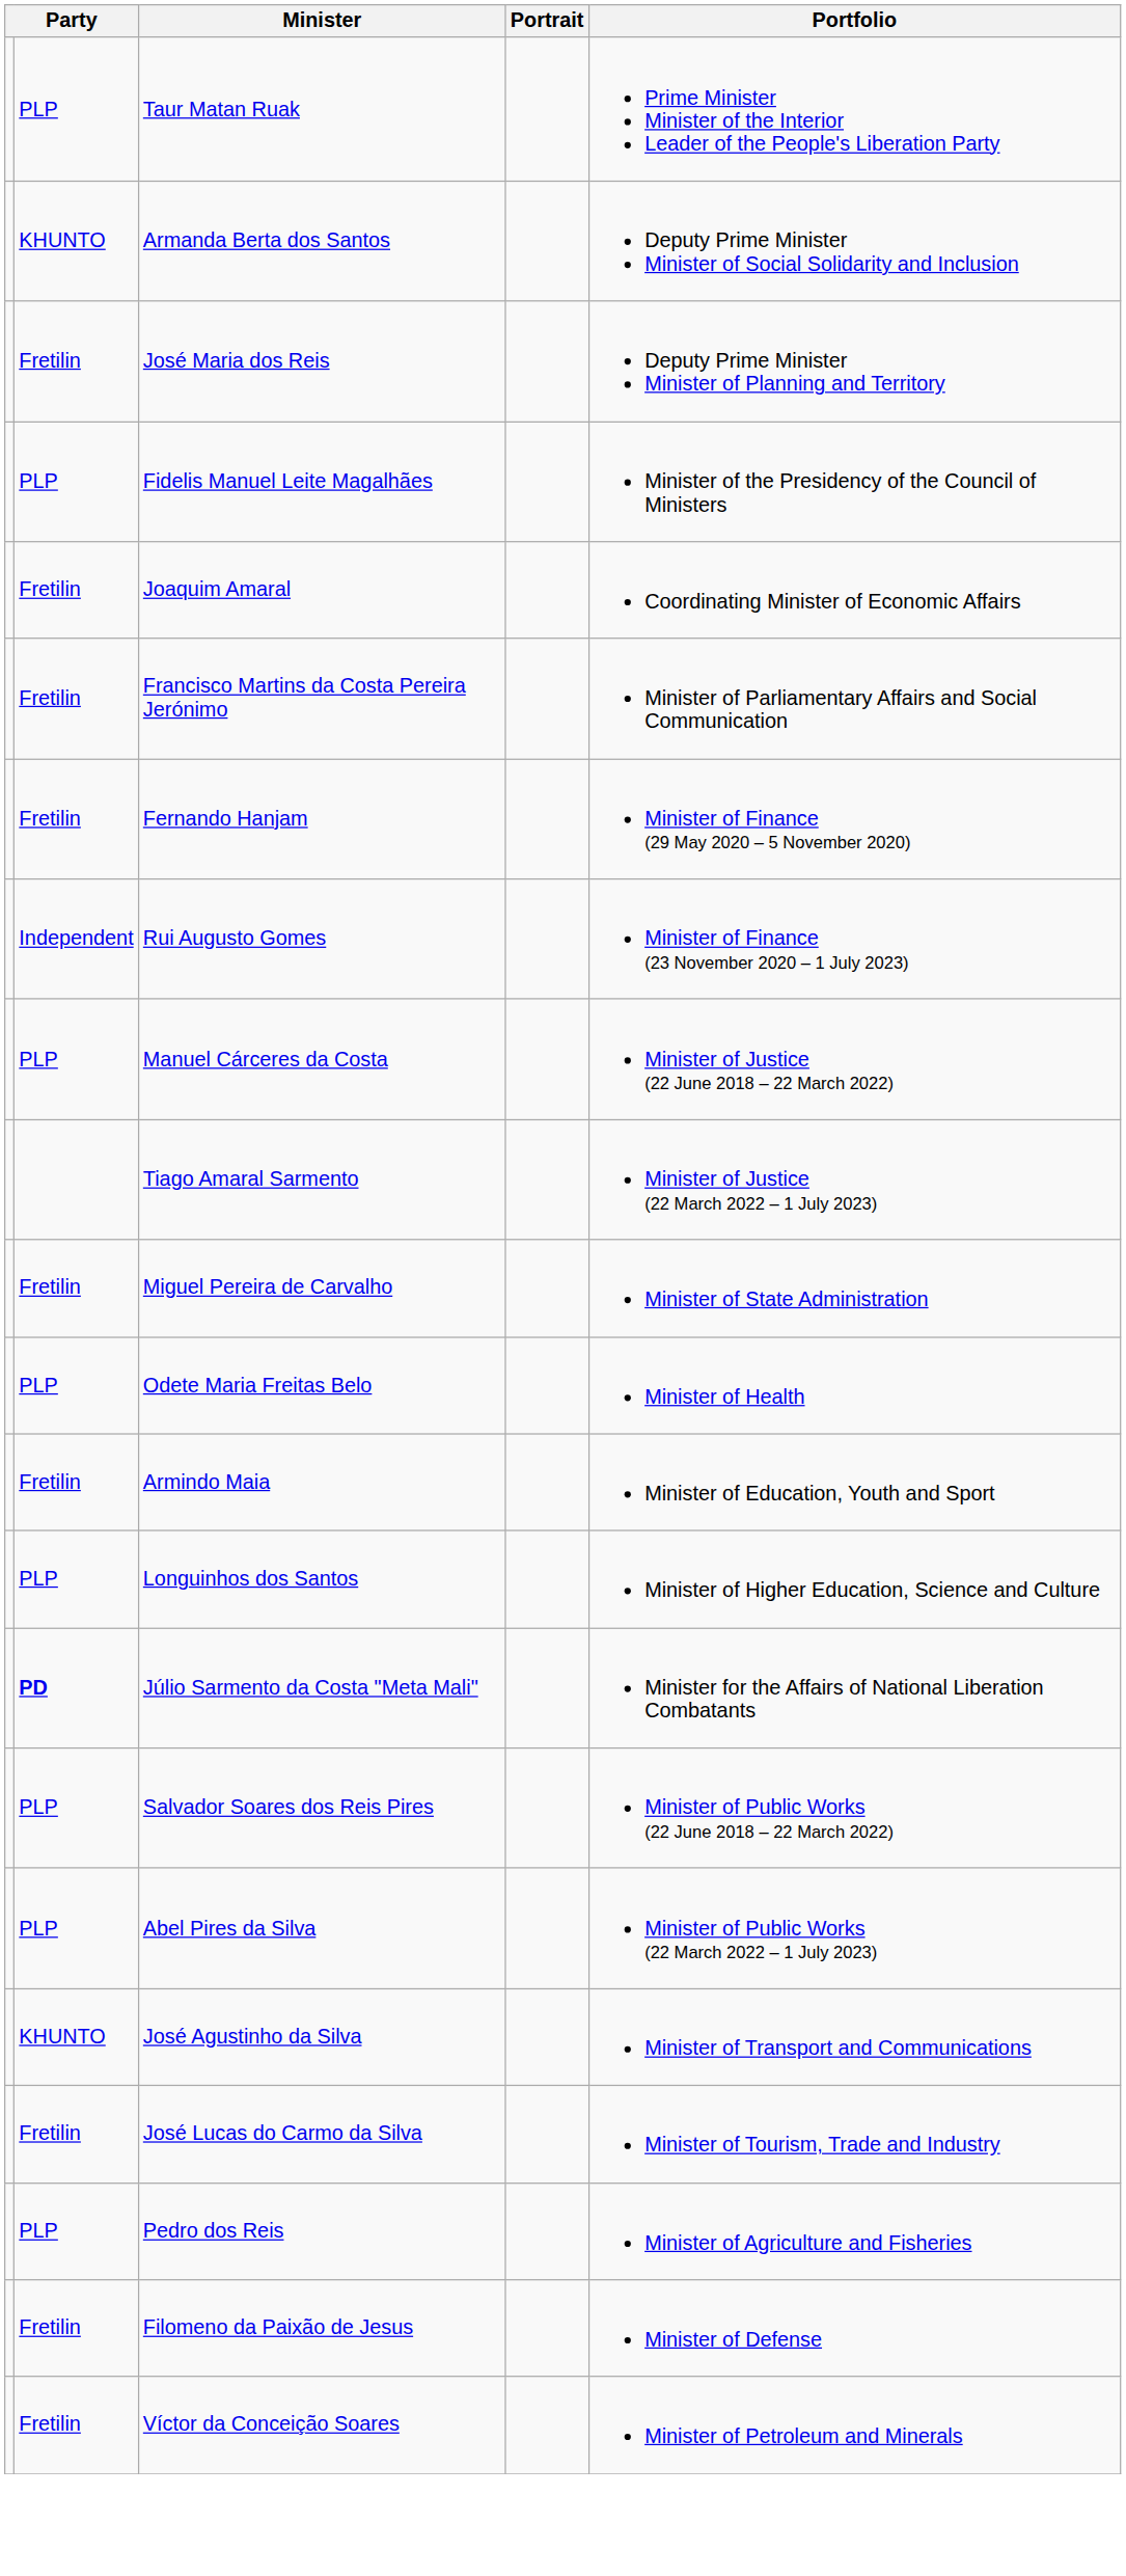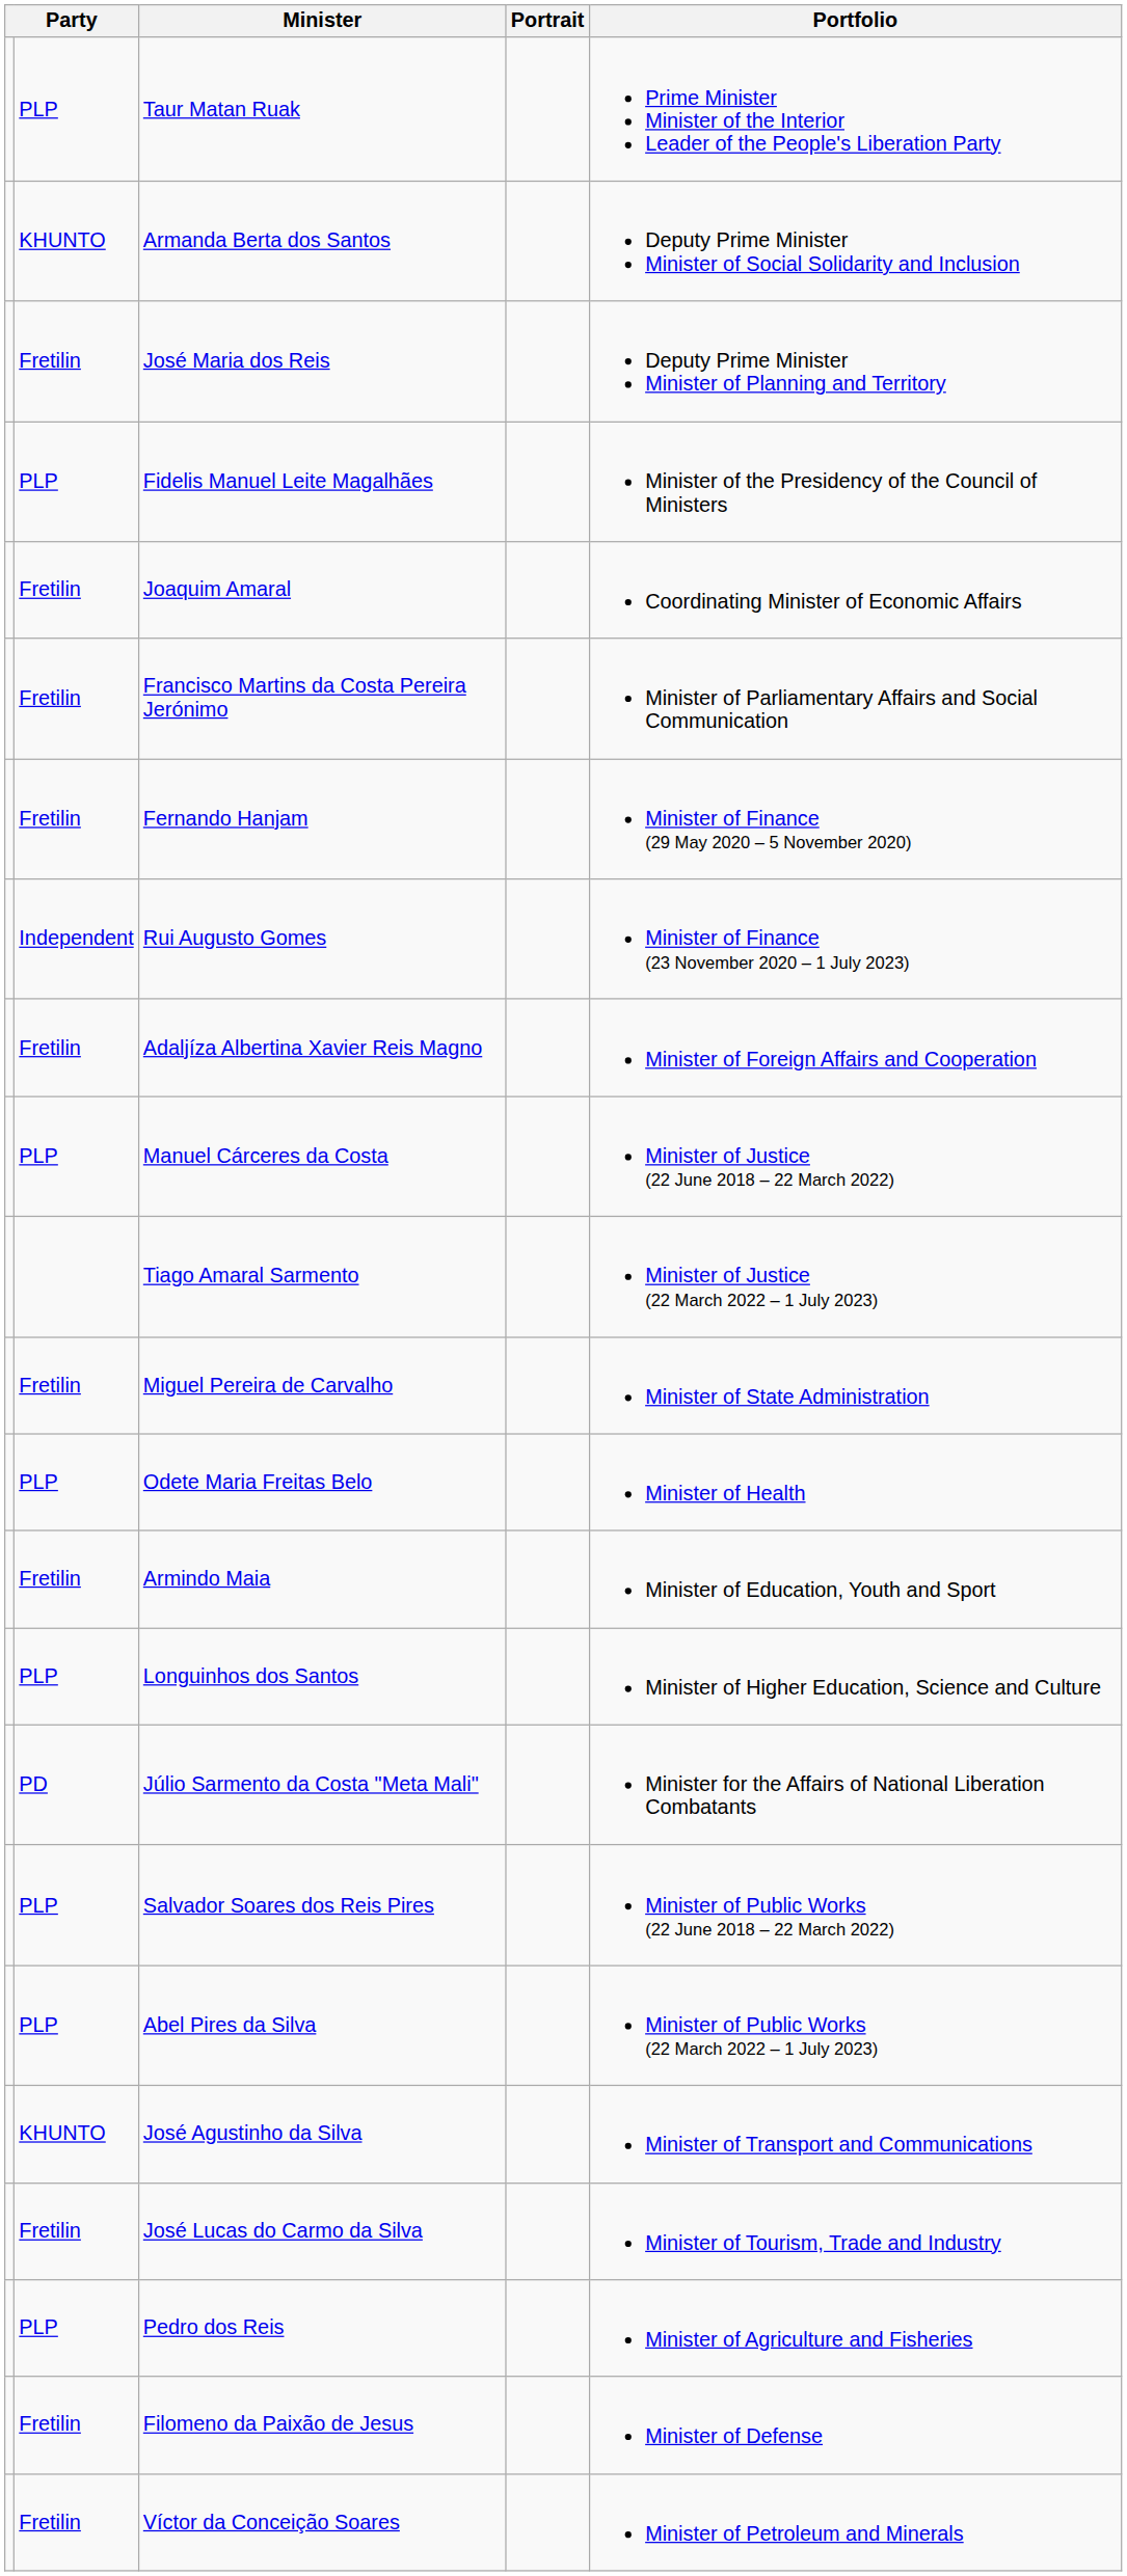 <table class="wikitable sortable">
 <tr>
 <th colspan="2">Party</th>
 <th>Minister</th>
 <th>Portrait</th>
 <th>Portfolio</th>
 </tr>
 <tr>
 <td style="background:"></td>
 <td><a href='#'>PLP</a></td>
 <td><a href='#'>Taur Matan Ruak</a></td>
 <td></td>
 <td><br><ul><li><a href='#'>Prime Minister</a></li><li><a href='#'>Minister of the Interior</a></li><li><a href='#'>Leader of the People's Liberation Party</a></li></ul></td>
 </tr>
 <tr>
 <td style="background:"></td>
 <td><a href='#'>KHUNTO</a></td>
 <td><a href='#'>Armanda Berta dos Santos</a></td>
 <td></td>
 <td><br><ul><li>Deputy Prime Minister</li><li><a href='#'>Minister of Social Solidarity and Inclusion</a></li></ul></td>
 </tr>
 <tr>
 <td style="background:"></td>
 <td><a href='#'>Fretilin</a></td>
 <td><a href='#'>José Maria dos Reis</a></td>
 <td></td>
 <td><br><ul><li>Deputy Prime Minister</li><li><a href='#'>Minister of Planning and Territory</a></li></ul></td>
 </tr>
 <tr>
 <td style="background:"></td>
 <td><a href='#'>PLP</a></td>
 <td><a href='#'>Fidelis Manuel Leite Magalhães</a></td>
 <td></td>
 <td><br><ul><li>Minister of the Presidency of the Council of Ministers</li></ul></td>
 </tr>
 <tr>
 <td style="background:"></td>
 <td><a href='#'>Fretilin</a></td>
 <td><a href='#'>Joaquim Amaral</a></td>
 <td></td>
 <td><br><ul><li>Coordinating Minister of Economic Affairs</li></ul></td>
 </tr>
 <tr>
 <td style="background:"></td>
 <td><a href='#'>Fretilin</a></td>
 <td><a href='#'>Francisco Martins da Costa Pereira Jerónimo</a></td>
 <td></td>
 <td><br><ul><li>Minister of Parliamentary Affairs and Social Communication</li></ul></td>
 </tr>
 <tr>
 <td style="background:"></td>
 <td><a href='#'>Fretilin</a></td>
 <td><a href='#'>Fernando Hanjam</a></td>
 <td></td>
 <td><br><ul><li><a href='#'>Minister of Finance</a><br><small>(29 May 2020 – 5 November 2020)</small></li></ul></td>
 </tr>
 <tr>
 <td style="background:"></td>
 <td><a href='#'>Independent</a></td>
 <td><a href='#'>Rui Augusto Gomes</a></td>
 <td></td>
 <td><br><ul><li><a href='#'>Minister of Finance</a><br><small>(23 November 2020 – 1 July 2023)</small></li></ul></td>
 </tr>
 <tr>
 <td style="background:"></td>
+<td><a href='#'>Fretilin</a></td>
+<td><a href='#'>Adaljíza Albertina Xavier Reis Magno</a></td>
+<td></td>
+<td><br><ul><li><a href='#'>Minister of Foreign Affairs and Cooperation</a></li></ul></td>
+</tr>
+<tr>
+<td style="background:"></td>
 <td><a href='#'>PLP</a></td>
 <td><a href='#'>Manuel Cárceres da Costa</a></td>
 <td></td>
 <td><br><ul><li><a href='#'>Minister of Justice</a><br><small>(22 June 2018 – 22 March 2022)</small></li></ul></td>
 </tr>
 <tr>
 <td></td>
 <td></td>
 <td><a href='#'>Tiago Amaral Sarmento</a></td>
 <td></td>
 <td><br><ul><li><a href='#'>Minister of Justice</a><br><small>(22 March 2022 – 1 July 2023)</small></li></ul></td>
 </tr>
 <tr>
 <td style="background:"></td>
 <td><a href='#'>Fretilin</a></td>
 <td><a href='#'>Miguel Pereira de Carvalho</a></td>
 <td></td>
 <td><br><ul><li><a href='#'>Minister of State Administration</a></li></ul></td>
 </tr>
 <tr>
 <td style="background:"></td>
 <td><a href='#'>PLP</a></td>
 <td><a href='#'>Odete Maria Freitas Belo</a></td>
 <td></td>
 <td><br><ul><li><a href='#'>Minister of Health</a></li></ul></td>
 </tr>
 <tr>
 <td style="background:"></td>
 <td><a href='#'>Fretilin</a></td>
 <td><a href='#'>Armindo Maia</a></td>
 <td></td>
 <td><br><ul><li>Minister of Education, Youth and Sport</li></ul></td>
 </tr>
 <tr>
 <td style="background:"></td>
 <td><a href='#'>PLP</a></td>
 <td><a href='#'>Longuinhos dos Santos</a></td>
 <td></td>
 <td><br><ul><li>Minister of Higher Education, Science and Culture</li></ul></td>
 </tr>
 <tr>
 <td style="background:"></td>
-<td><strong><a href='#'>PD</a></strong></td>
+<td><a href='#'>PD</a></td>
 <td><a href='#'>Júlio Sarmento da Costa "Meta Mali"</a></td>
 <td></td>
 <td><br><ul><li>Minister for the Affairs of National Liberation Combatants</li></ul></td>
 </tr>
 <tr>
 <td style="background:"></td>
 <td><a href='#'>PLP</a></td>
 <td><a href='#'>Salvador Soares dos Reis Pires</a></td>
 <td></td>
 <td><br><ul><li><a href='#'>Minister of Public Works</a><br><small>(22 June 2018 – 22 March 2022)</small></li></ul></td>
 </tr>
 <tr>
 <td style="background:"></td>
 <td><a href='#'>PLP</a></td>
 <td><a href='#'>Abel Pires da Silva</a></td>
 <td></td>
 <td><br><ul><li><a href='#'>Minister of Public Works</a><br><small>(22 March 2022 – 1 July 2023)</small></li></ul></td>
 </tr>
 <tr>
 <td style="background:"></td>
 <td><a href='#'>KHUNTO</a></td>
 <td><a href='#'>José Agustinho da Silva</a></td>
 <td></td>
 <td><br><ul><li><a href='#'>Minister of Transport and Communications</a></li></ul></td>
 </tr>
 <tr>
 <td style="background:"></td>
 <td><a href='#'>Fretilin</a></td>
 <td><a href='#'>José Lucas do Carmo da Silva</a></td>
 <td></td>
 <td><br><ul><li><a href='#'>Minister of Tourism, Trade and Industry</a></li></ul></td>
 </tr>
 <tr>
 <td style="background:"></td>
 <td><a href='#'>PLP</a></td>
 <td><a href='#'>Pedro dos Reis</a></td>
 <td></td>
 <td><br><ul><li><a href='#'>Minister of Agriculture and Fisheries</a></li></ul></td>
 </tr>
 <tr>
 <td style="background:"></td>
 <td><a href='#'>Fretilin</a></td>
 <td><a href='#'>Filomeno da Paixão de Jesus</a></td>
 <td></td>
 <td><br><ul><li><a href='#'>Minister of Defense</a></li></ul></td>
 </tr>
 <tr>
 <td style="background:"></td>
 <td><a href='#'>Fretilin</a></td>
 <td><a href='#'>Víctor da Conceição Soares</a></td>
 <td></td>
 <td><br><ul><li><a href='#'>Minister of Petroleum and Minerals</a></li></ul></td>
 </tr>
 </table>
